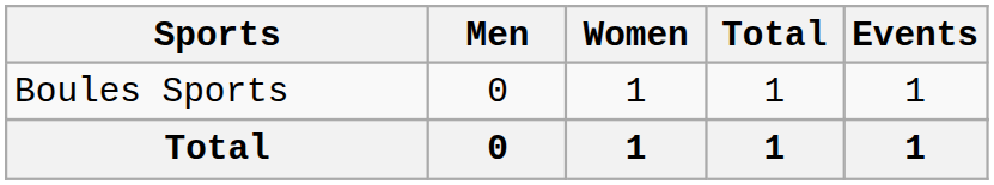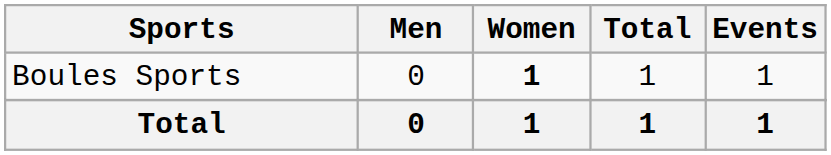 <table class="wikitable sortable" style="text-align:center;">
 <tr>
 <th width=150>Sports</th>
 <th width=45>Men</th>
 <th width=45>Women</th>
 <th width=45>Total</th>
 <th width=45>Events</th>
 </tr>
 <tr>
 <td align=left>Boules Sports</td>
 <td>0</td>
-<td>1</td>
+<td><strong>1</strong></td>
 <td>1</td>
 <td>1</td>
 </tr>
 <tr>
 </tr>
 <tr class="sortbottom">
 <th>Total</th>
 <th>0</th>
 <th>1</th>
 <th>1</th>
 <th>1</th>
 </tr>
 </table>
